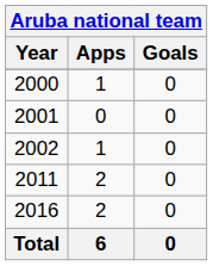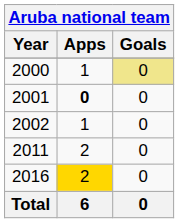 <table class="wikitable" style="text-align:center">
 <tr>
 <th colspan=3><a href='#'>Aruba national team</a></th>
 </tr>
 <tr>
 <th>Year</th>
 <th>Apps</th>
 <th>Goals</th>
 </tr>
 <tr>
 </tr>
 <tr>
 <td>2000</td>
 <td>1</td>
-<td>0</td>
+<td style="background: khaki;">0</td>
 </tr>
 <tr>
 <td>2001</td>
-<td>0</td>
+<td><strong>0</strong></td>
 <td>0</td>
 </tr>
 <tr>
 <td>2002</td>
 <td>1</td>
 <td>0</td>
 </tr>
 <tr>
 <td>2011</td>
 <td>2</td>
 <td>0</td>
 </tr>
 <tr>
 <td>2016</td>
-<td>2</td>
+<td style="background: gold;">2</td>
 <td>0</td>
 </tr>
 <tr>
 <th>Total</th>
 <th>6</th>
 <th>0</th>
 </tr>
 </table>
